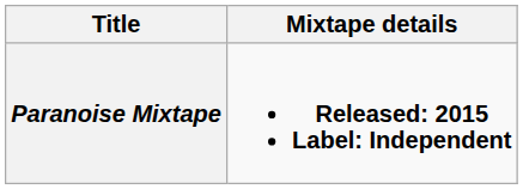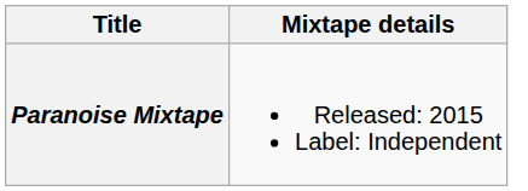 <table class="wikitable plainrowheaders" style="text-align:center;">
 <tr>
 <th scope="col">Title</th>
 <th scope="col">Mixtape details</th>
 </tr>
 <tr>
 <th scope="row"><em>Paranoise Mixtape</em></th>
-<td><strong><br><ul><li>Released: 2015</li><li>Label: Independent</li></ul></strong></td>
+<td><br><ul><li>Released: 2015</li><li>Label: Independent</li></ul></td>
 </tr>
 </table>
